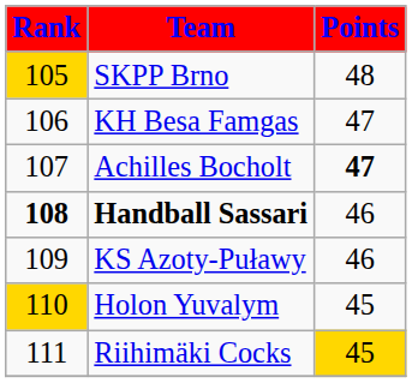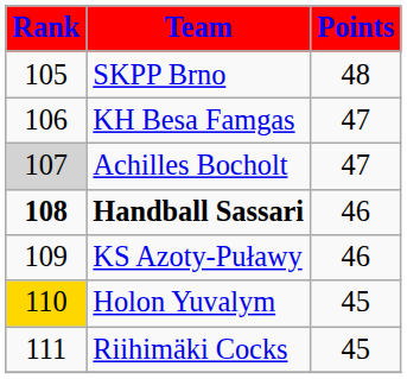 <table class="wikitable" style="text-align: center">
 <tr>
 <th style="color:blue; background:red">Rank</th>
 <th style="color:blue; background:red">Team</th>
 <th style="color:blue; background:red">Points</th>
 </tr>
 <tr>
-<td style="background: gold;">105</td>
+<td>105</td>
 <td align=left> <a href='#'>SKPP Brno</a></td>
 <td>48</td>
 </tr>
 <tr>
 <td>106</td>
 <td align=left> <a href='#'>KH Besa Famgas</a></td>
 <td>47</td>
 </tr>
 <tr>
-<td>107</td>
+<td style="background: lightgrey;">107</td>
 <td align=left> <a href='#'>Achilles Bocholt</a></td>
-<td><strong>47</strong></td>
+<td>47</td>
 </tr>
 <tr>
 <td><strong>108</strong></td>
 <td align=left> <strong>Handball Sassari</strong></td>
 <td>46</td>
 </tr>
 <tr>
 <td>109</td>
 <td align=left> <a href='#'>KS Azoty-Puławy</a></td>
 <td>46</td>
 </tr>
 <tr>
 <td style="background: gold;">110</td>
 <td align=left> <a href='#'>Holon Yuvalym</a></td>
 <td>45</td>
 </tr>
 <tr>
 <td>111</td>
 <td align=left> <a href='#'>Riihimäki Cocks</a></td>
-<td style="background: gold;">45</td>
+<td>45</td>
 </tr>
 <tr>
 </tr>
 </table>
